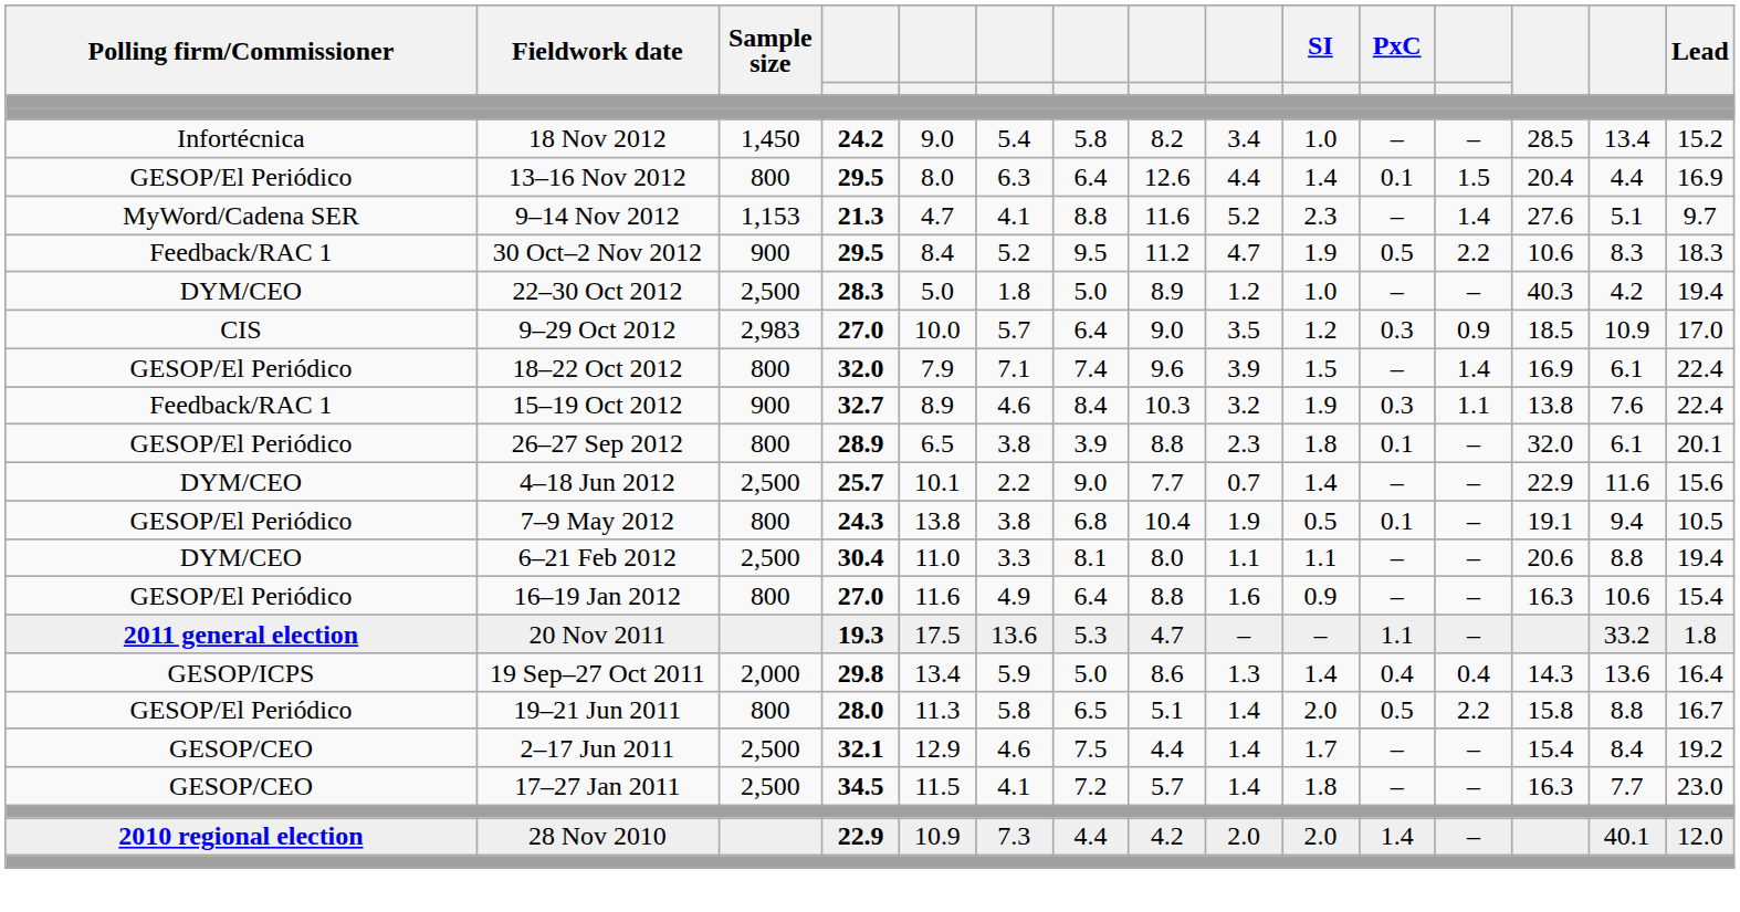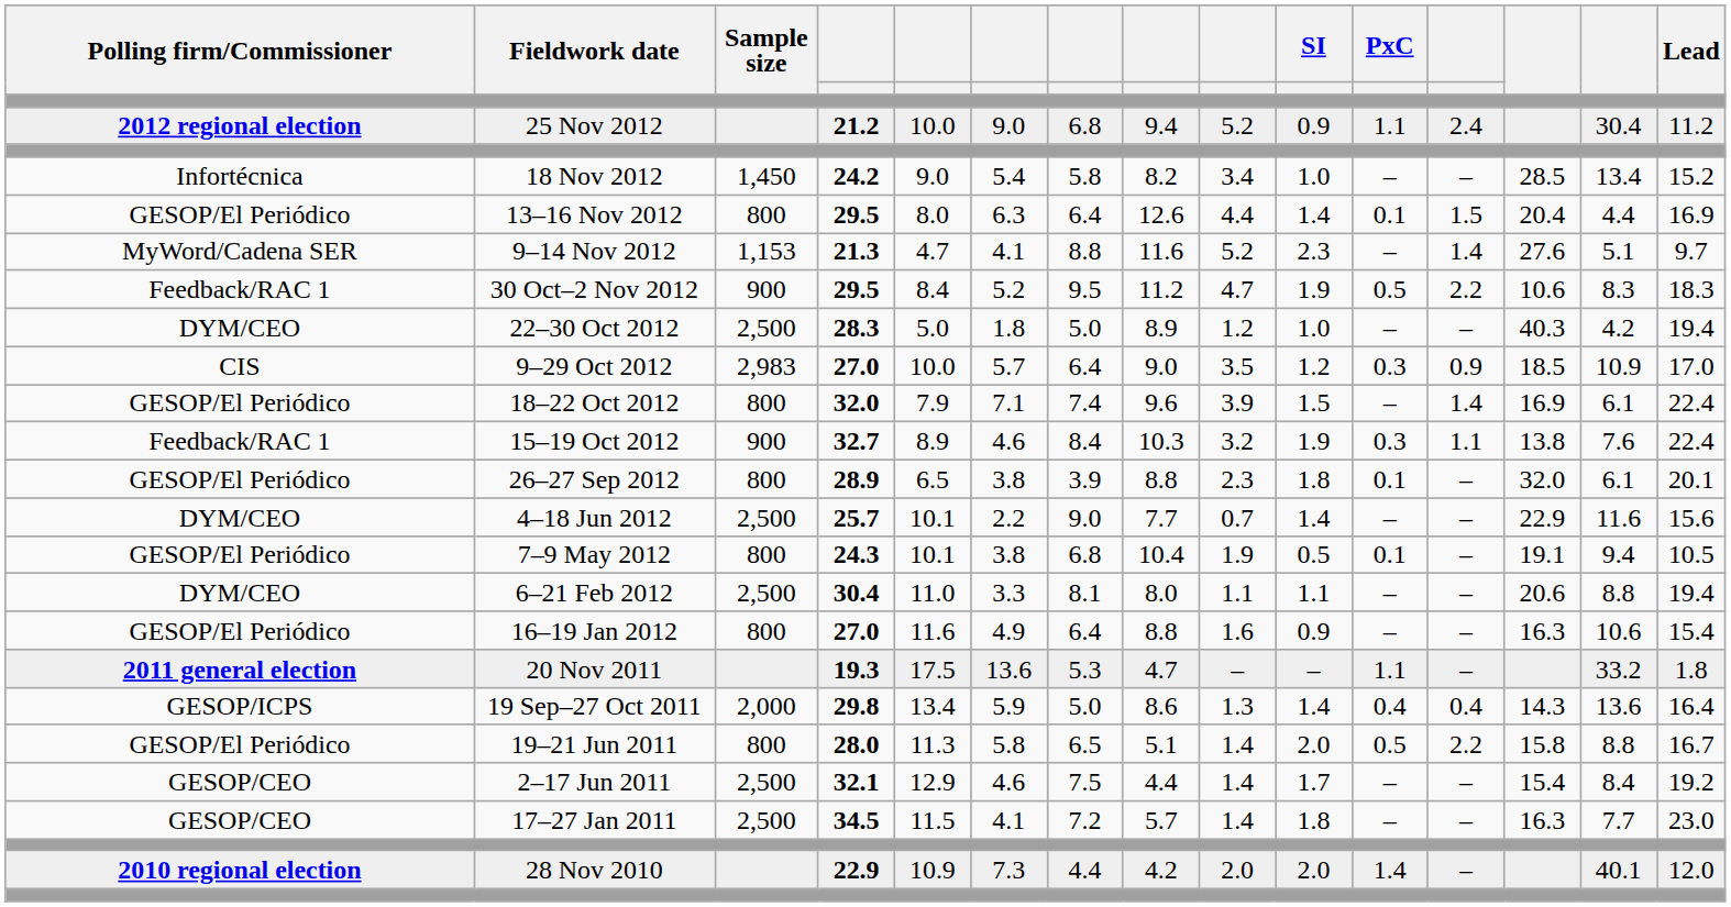 <table class="wikitable collapsible collapsed" style="text-align:center; font-size:90%; line-height:14px;">
 <tr style="height:42px;">
 <th style="width:250px;" rowspan="2">Polling firm/Commissioner</th>
 <th style="width:125px;" rowspan="2">Fieldwork date</th>
 <th style="width:50px;" rowspan="2">Sample size</th>
 <th style="width:35px;"></th>
 <th style="width:35px;"></th>
 <th style="width:35px;"></th>
 <th style="width:35px;"></th>
 <th style="width:35px;"></th>
 <th style="width:35px;"></th>
 <th style="width:35px;"><a href='#'>SI</a></th>
 <th style="width:35px;"><a href='#'>PxC</a></th>
 <th style="width:35px;"></th>
 <th style="width:35px;" rowspan="2"></th>
 <th style="width:35px;" rowspan="2"></th>
 <th style="width:30px;" rowspan="2">Lead</th>
 </tr>
 <tr>
 <th style="color:inherit;background:"></th>
 <th style="color:inherit;background:"></th>
 <th style="color:inherit;background:"></th>
 <th style="color:inherit;background:"></th>
 <th style="color:inherit;background:"></th>
 <th style="color:inherit;background:"></th>
 <th style="color:inherit;background:"></th>
 <th style="color:inherit;background:"></th>
 <th style="color:inherit;background:"></th>
 </tr>
 <tr>
 <td colspan="15" style="background:#A0A0A0"></td>
+</tr>
+<tr style="background:#EFEFEF;">
+<td><strong><a href='#'>2012 regional election</a></strong></td>
+<td>25 Nov 2012</td>
+<td></td>
+<td><strong>21.2</strong></td>
+<td>10.0</td>
+<td>9.0</td>
+<td>6.8</td>
+<td>9.4</td>
+<td>5.2</td>
+<td>0.9</td>
+<td>1.1</td>
+<td>2.4</td>
+<td></td>
+<td>30.4</td>
+<td style="background:">11.2</td>
 </tr>
 <tr>
 <td colspan="15" style="background:#A0A0A0"></td>
 </tr>
 <tr>
 <td>Infortécnica</td>
 <td>18 Nov 2012</td>
 <td>1,450</td>
 <td><strong>24.2</strong></td>
 <td>9.0</td>
 <td>5.4</td>
 <td>5.8</td>
 <td>8.2</td>
 <td>3.4</td>
 <td>1.0</td>
 <td>–</td>
 <td>–</td>
 <td>28.5</td>
 <td>13.4</td>
 <td style="background:">15.2</td>
 </tr>
 <tr>
 <td>GESOP/El Periódico</td>
 <td>13–16 Nov 2012</td>
 <td>800</td>
 <td><strong>29.5</strong></td>
 <td>8.0</td>
 <td>6.3</td>
 <td>6.4</td>
 <td>12.6</td>
 <td>4.4</td>
 <td>1.4</td>
 <td>0.1</td>
 <td>1.5</td>
 <td>20.4</td>
 <td>4.4</td>
 <td style="background:">16.9</td>
 </tr>
 <tr>
 <td>MyWord/Cadena SER</td>
 <td>9–14 Nov 2012</td>
 <td>1,153</td>
 <td><strong>21.3</strong></td>
 <td>4.7</td>
 <td>4.1</td>
 <td>8.8</td>
 <td>11.6</td>
 <td>5.2</td>
 <td>2.3</td>
 <td>–</td>
 <td>1.4</td>
 <td>27.6</td>
 <td>5.1</td>
 <td style="background:">9.7</td>
 </tr>
 <tr>
 <td>Feedback/RAC 1</td>
 <td>30 Oct–2 Nov 2012</td>
 <td>900</td>
 <td><strong>29.5</strong></td>
 <td>8.4</td>
 <td>5.2</td>
 <td>9.5</td>
 <td>11.2</td>
 <td>4.7</td>
 <td>1.9</td>
 <td>0.5</td>
 <td>2.2</td>
 <td>10.6</td>
 <td>8.3</td>
 <td style="background:">18.3</td>
 </tr>
 <tr>
 <td>DYM/CEO</td>
 <td>22–30 Oct 2012</td>
 <td>2,500</td>
 <td><strong>28.3</strong></td>
 <td>5.0</td>
 <td>1.8</td>
 <td>5.0</td>
 <td>8.9</td>
 <td>1.2</td>
 <td>1.0</td>
 <td>–</td>
 <td>–</td>
 <td>40.3</td>
 <td>4.2</td>
 <td style="background:">19.4</td>
 </tr>
 <tr>
 <td>CIS</td>
 <td>9–29 Oct 2012</td>
 <td>2,983</td>
 <td><strong>27.0</strong></td>
 <td>10.0</td>
 <td>5.7</td>
 <td>6.4</td>
 <td>9.0</td>
 <td>3.5</td>
 <td>1.2</td>
 <td>0.3</td>
 <td>0.9</td>
 <td>18.5</td>
 <td>10.9</td>
 <td style="background:">17.0</td>
 </tr>
 <tr>
 <td>GESOP/El Periódico</td>
 <td>18–22 Oct 2012</td>
 <td>800</td>
 <td><strong>32.0</strong></td>
 <td>7.9</td>
 <td>7.1</td>
 <td>7.4</td>
 <td>9.6</td>
 <td>3.9</td>
 <td>1.5</td>
 <td>–</td>
 <td>1.4</td>
 <td>16.9</td>
 <td>6.1</td>
 <td style="background:">22.4</td>
 </tr>
 <tr>
 <td>Feedback/RAC 1</td>
 <td>15–19 Oct 2012</td>
 <td>900</td>
 <td><strong>32.7</strong></td>
 <td>8.9</td>
 <td>4.6</td>
 <td>8.4</td>
 <td>10.3</td>
 <td>3.2</td>
 <td>1.9</td>
 <td>0.3</td>
 <td>1.1</td>
 <td>13.8</td>
 <td>7.6</td>
 <td style="background:">22.4</td>
 </tr>
 <tr>
 <td>GESOP/El Periódico</td>
 <td>26–27 Sep 2012</td>
 <td>800</td>
 <td><strong>28.9</strong></td>
 <td>6.5</td>
 <td>3.8</td>
 <td>3.9</td>
 <td>8.8</td>
 <td>2.3</td>
 <td>1.8</td>
 <td>0.1</td>
 <td>–</td>
 <td>32.0</td>
 <td>6.1</td>
 <td style="background:">20.1</td>
 </tr>
 <tr>
 <td>DYM/CEO</td>
 <td>4–18 Jun 2012</td>
 <td>2,500</td>
 <td><strong>25.7</strong></td>
 <td>10.1</td>
 <td>2.2</td>
 <td>9.0</td>
 <td>7.7</td>
 <td>0.7</td>
 <td>1.4</td>
 <td>–</td>
 <td>–</td>
 <td>22.9</td>
 <td>11.6</td>
 <td style="background:">15.6</td>
 </tr>
 <tr>
 <td>GESOP/El Periódico</td>
 <td>7–9 May 2012</td>
 <td>800</td>
 <td><strong>24.3</strong></td>
-<td>13.8</td>
+<td>10.1</td>
 <td>3.8</td>
 <td>6.8</td>
 <td>10.4</td>
 <td>1.9</td>
 <td>0.5</td>
 <td>0.1</td>
 <td>–</td>
 <td>19.1</td>
 <td>9.4</td>
 <td style="background:">10.5</td>
 </tr>
 <tr>
 <td>DYM/CEO</td>
 <td>6–21 Feb 2012</td>
 <td>2,500</td>
 <td><strong>30.4</strong></td>
 <td>11.0</td>
 <td>3.3</td>
 <td>8.1</td>
 <td>8.0</td>
 <td>1.1</td>
 <td>1.1</td>
 <td>–</td>
 <td>–</td>
 <td>20.6</td>
 <td>8.8</td>
 <td style="background:">19.4</td>
 </tr>
 <tr>
 <td>GESOP/El Periódico</td>
 <td>16–19 Jan 2012</td>
 <td>800</td>
 <td><strong>27.0</strong></td>
 <td>11.6</td>
 <td>4.9</td>
 <td>6.4</td>
 <td>8.8</td>
 <td>1.6</td>
 <td>0.9</td>
 <td>–</td>
 <td>–</td>
 <td>16.3</td>
 <td>10.6</td>
 <td style="background:">15.4</td>
 </tr>
 <tr style="background:#EFEFEF;">
 <td><strong><a href='#'>2011 general election</a></strong></td>
 <td>20 Nov 2011</td>
 <td></td>
 <td><strong>19.3</strong></td>
 <td>17.5</td>
 <td>13.6</td>
 <td>5.3</td>
 <td>4.7</td>
 <td>–</td>
 <td>–</td>
 <td>1.1</td>
 <td>–</td>
 <td></td>
 <td>33.2</td>
 <td style="background:">1.8</td>
 </tr>
 <tr>
 <td>GESOP/ICPS</td>
 <td>19 Sep–27 Oct 2011</td>
 <td>2,000</td>
 <td><strong>29.8</strong></td>
 <td>13.4</td>
 <td>5.9</td>
 <td>5.0</td>
 <td>8.6</td>
 <td>1.3</td>
 <td>1.4</td>
 <td>0.4</td>
 <td>0.4</td>
 <td>14.3</td>
 <td>13.6</td>
 <td style="background:">16.4</td>
 </tr>
 <tr>
 <td>GESOP/El Periódico</td>
 <td>19–21 Jun 2011</td>
 <td>800</td>
 <td><strong>28.0</strong></td>
 <td>11.3</td>
 <td>5.8</td>
 <td>6.5</td>
 <td>5.1</td>
 <td>1.4</td>
 <td>2.0</td>
 <td>0.5</td>
 <td>2.2</td>
 <td>15.8</td>
 <td>8.8</td>
 <td style="background:">16.7</td>
 </tr>
 <tr>
 <td>GESOP/CEO</td>
 <td>2–17 Jun 2011</td>
 <td>2,500</td>
 <td><strong>32.1</strong></td>
 <td>12.9</td>
 <td>4.6</td>
 <td>7.5</td>
 <td>4.4</td>
 <td>1.4</td>
 <td>1.7</td>
 <td>–</td>
 <td>–</td>
 <td>15.4</td>
 <td>8.4</td>
 <td style="background:">19.2</td>
 </tr>
 <tr>
 <td>GESOP/CEO</td>
 <td>17–27 Jan 2011</td>
 <td>2,500</td>
 <td><strong>34.5</strong></td>
 <td>11.5</td>
 <td>4.1</td>
 <td>7.2</td>
 <td>5.7</td>
 <td>1.4</td>
 <td>1.8</td>
 <td>–</td>
 <td>–</td>
 <td>16.3</td>
 <td>7.7</td>
 <td style="background:">23.0</td>
 </tr>
 <tr>
 <td colspan="15" style="background:#A0A0A0"></td>
 </tr>
 <tr style="background:#EFEFEF;">
 <td><strong><a href='#'>2010 regional election</a></strong></td>
 <td>28 Nov 2010</td>
 <td></td>
 <td><strong>22.9</strong></td>
 <td>10.9</td>
 <td>7.3</td>
 <td>4.4</td>
 <td>4.2</td>
 <td>2.0</td>
 <td>2.0</td>
 <td>1.4</td>
 <td>–</td>
 <td></td>
 <td>40.1</td>
 <td style="background:">12.0</td>
 </tr>
 <tr>
 <td colspan="15" style="background:#A0A0A0"></td>
 </tr>
 </table>
